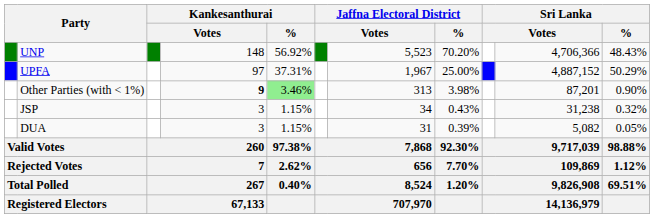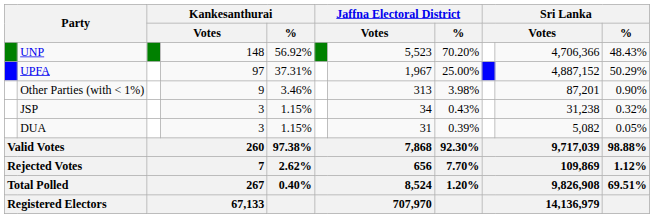 <table class="wikitable">
 <tr>
 <th colspan="2" width="144px"rowspan="2">Party</th>
 <th colspan="3" width="216px">Kankesanthurai</th>
 <th colspan="3" width="216px"><a href='#'>Jaffna Electoral District</a></th>
 <th colspan="3" width="216px">Sri Lanka</th>
 </tr>
 <tr>
 <th colspan="2" width="144px">Votes</th>
 <th>%</th>
 <th colspan="2" width="144px">Votes</th>
 <th>%</th>
 <th colspan="2" width="144px">Votes</th>
 <th>%</th>
 </tr>
 <tr>
 <td style="background-color:green;" width="10px"></td>
 <td style="text-align:left;"><a href='#'>UNP</a></td>
 <td style="background-color:green;" width="10px"></td>
 <td style="text-align:right;">148</td>
 <td style="text-align:right;">56.92%</td>
 <td style="background-color:green;" width="10px"></td>
 <td style="text-align:right;">5,523</td>
 <td style="text-align:right;">70.20%</td>
 <td style="background-color:white;" width="10px"></td>
 <td style="text-align:right;">4,706,366</td>
 <td style="text-align:right;">48.43%</td>
 </tr>
 <tr>
 <td style="background-color:blue;" width="10px"></td>
 <td style="text-align:left;"><a href='#'>UPFA</a></td>
 <td style="background-color:white;" width="10px"></td>
 <td style="text-align:right;">97</td>
 <td style="text-align:right;">37.31%</td>
 <td style="background-color:white;" width="10px"></td>
 <td style="text-align:right;">1,967</td>
 <td style="text-align:right;">25.00%</td>
 <td style="background-color:blue;" width="10px"></td>
 <td style="text-align:right;">4,887,152</td>
 <td style="text-align:right;">50.29%</td>
 </tr>
 <tr>
 <td style="background-color:white;" width="10px"></td>
 <td style="text-align:left;">Other Parties (with < 1%)</td>
 <td style="background-color:white;" width="10px"></td>
-<td style="text-align:right;"><strong>9</strong></td>
-<td style="background: lightgreen; text-align:right;">3.46%</td>
+<td style="text-align:right;">9</td>
+<td style="text-align:right;">3.46%</td>
 <td style="background-color:white;" width="10px"></td>
 <td style="text-align:right;">313</td>
 <td style="text-align:right;">3.98%</td>
 <td style="background-color:white;" width="10px"></td>
 <td style="text-align:right;">87,201</td>
 <td style="text-align:right;">0.90%</td>
 </tr>
 <tr>
 <td style="background-color:white;" width="10px"></td>
 <td style="text-align:left;">JSP</td>
 <td style="background-color:white;" width="10px"></td>
 <td style="text-align:right;">3</td>
 <td style="text-align:right;">1.15%</td>
 <td style="background-color:white;" width="10px"></td>
 <td style="text-align:right;">34</td>
 <td style="text-align:right;">0.43%</td>
 <td style="background-color:white;" width="10px"></td>
 <td style="text-align:right;">31,238</td>
 <td style="text-align:right;">0.32%</td>
 </tr>
 <tr>
 <td style="background-color:white;" width="10px"></td>
 <td style="text-align:left;">DUA</td>
 <td style="background-color:white;" width="10px"></td>
 <td style="text-align:right;">3</td>
 <td style="text-align:right;">1.15%</td>
 <td style="background-color:white;" width="10px"></td>
 <td style="text-align:right;">31</td>
 <td style="text-align:right;">0.39%</td>
 <td style="background-color:white;" width="10px"></td>
 <td style="text-align:right;">5,082</td>
 <td style="text-align:right;">0.05%</td>
 </tr>
 <tr>
 <th colspan="2" width="144px"style="text-align:left;">Valid Votes</th>
 <th style="text-align:right;"colspan="2" width="144px">260</th>
 <th style="text-align:right;">97.38%</th>
 <th style="text-align:right;"colspan="2" width="144px">7,868</th>
 <th style="text-align:right;">92.30%</th>
 <th style="text-align:right;"colspan="2" width="144px">9,717,039</th>
 <th style="text-align:right;">98.88%</th>
 </tr>
 <tr>
 <th colspan="2" width="144px"style="text-align:left;">Rejected Votes</th>
 <th style="text-align:right;"colspan="2" width="144px">7</th>
 <th style="text-align:right;">2.62%</th>
 <th style="text-align:right;"colspan="2" width="144px">656</th>
 <th style="text-align:right;">7.70%</th>
 <th style="text-align:right;"colspan="2" width="144px">109,869</th>
 <th style="text-align:right;">1.12%</th>
 </tr>
 <tr>
 <th colspan="2" width="144px"style="text-align:left;">Total Polled</th>
 <th style="text-align:right;"colspan="2" width="144px">267</th>
 <th style="text-align:right;">0.40%</th>
 <th style="text-align:right;"colspan="2" width="144px">8,524</th>
 <th style="text-align:right;">1.20%</th>
 <th style="text-align:right;"colspan="2" width="144px">9,826,908</th>
 <th style="text-align:right;">69.51%</th>
 </tr>
 <tr>
 <th colspan="2" width="144px"style="text-align:left;">Registered Electors</th>
 <th style="text-align:right;"colspan="2" width="144px">67,133</th>
 <th></th>
 <th style="text-align:right;"colspan="2" width="144px">707,970</th>
 <th></th>
 <th style="text-align:right;"colspan="2" width="144px">14,136,979</th>
 <th></th>
 </tr>
 </table>
